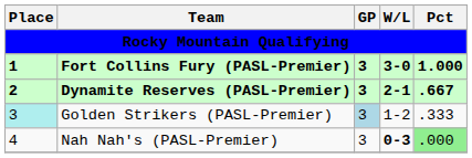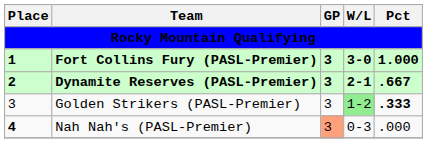 <table class="wikitable">
 <tr>
 <th>Place</th>
 <th>Team</th>
 <th>GP</th>
 <th>W/L</th>
 <th>Pct</th>
 </tr>
 <tr>
 <th style=background-color:blue colspan=9><span>Rocky Mountain Qualifying</span></th>
 </tr>
 <tr>
 </tr>
 <tr bgcolor=#ccffcc>
 <td><strong>1</strong></td>
 <td><strong>Fort Collins Fury (PASL-Premier)</strong></td>
 <td><strong>3</strong></td>
 <td><strong>3-0</strong></td>
 <td><strong>1.000</strong></td>
 </tr>
 <tr bgcolor=#ccffcc>
 <td><strong>2</strong></td>
 <td><strong>Dynamite Reserves (PASL-Premier)</strong></td>
 <td><strong>3</strong></td>
 <td><strong>2-1</strong></td>
 <td><strong>.667</strong></td>
 </tr>
 <tr>
-<td style="background: paleturquoise;">3</td>
+<td>3</td>
 <td>Golden Strikers (PASL-Premier)</td>
-<td style="background: lightblue;">3</td>
-<td>1-2</td>
-<td>.333</td>
+<td>3</td>
+<td style="background: lightgreen;">1-2</td>
+<td><strong>.333</strong></td>
 </tr>
 <tr>
-<td>4</td>
+<td><strong>4</strong></td>
 <td>Nah Nah's (PASL-Premier)</td>
-<td>3</td>
-<td><strong>0-3</strong></td>
-<td style="background: lightgreen;">.000</td>
+<td style="background: lightsalmon;">3</td>
+<td>0-3</td>
+<td>.000</td>
 </tr>
 <tr>
 </tr>
 </table>
